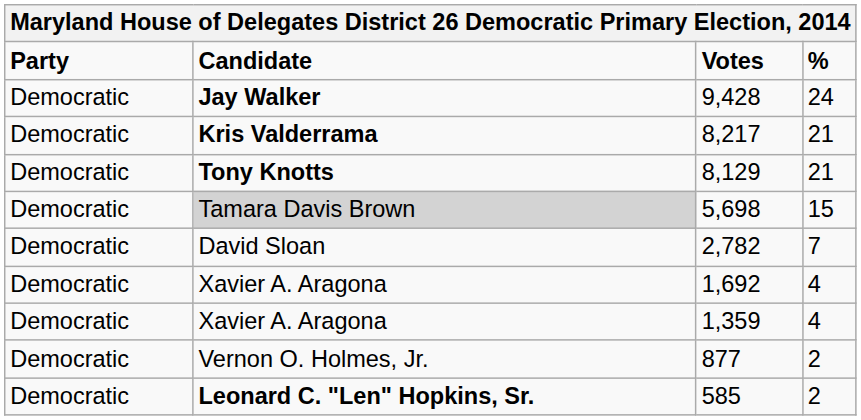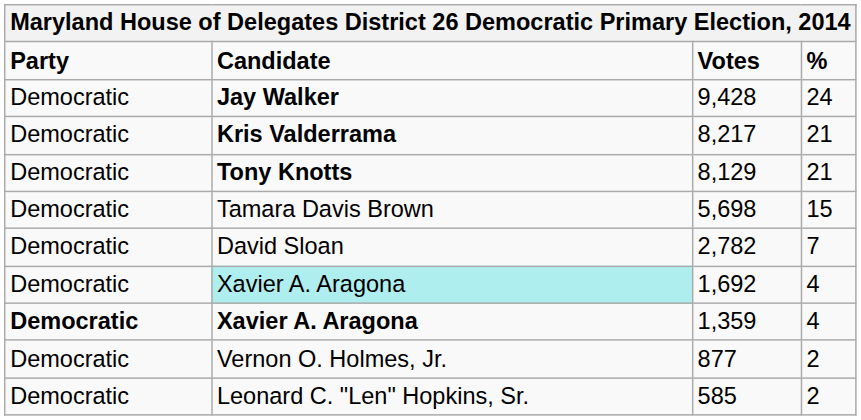 <table class="wikitable">
 <tr>
 <th colspan="4">Maryland House of Delegates District 26 Democratic Primary Election, 2014</th>
 </tr>
 <tr>
 <td><strong>Party</strong></td>
 <td><strong>Candidate</strong></td>
 <td><strong>Votes</strong></td>
 <td><strong>%</strong></td>
 </tr>
 <tr>
 <td>Democratic</td>
 <td><strong>Jay Walker</strong></td>
 <td>9,428</td>
 <td>24</td>
 </tr>
 <tr>
 <td>Democratic</td>
 <td><strong>Kris Valderrama</strong></td>
 <td>8,217</td>
 <td>21</td>
 </tr>
 <tr>
 <td>Democratic</td>
 <td><strong>Tony Knotts</strong></td>
 <td>8,129</td>
 <td>21</td>
 </tr>
 <tr>
 <td>Democratic</td>
-<td style="background: lightgrey;">Tamara Davis Brown</td>
+<td>Tamara Davis Brown</td>
 <td>5,698</td>
 <td>15</td>
 </tr>
 <tr>
 <td>Democratic</td>
 <td>David Sloan</td>
 <td>2,782</td>
 <td>7</td>
 </tr>
 <tr>
 <td>Democratic</td>
-<td>Xavier A. Aragona</td>
+<td style="background: paleturquoise;">Xavier A. Aragona</td>
 <td>1,692</td>
 <td>4</td>
 </tr>
 <tr>
-<td>Democratic</td>
-<td>Xavier A. Aragona</td>
+<td><strong>Democratic</strong></td>
+<td><strong>Xavier A. Aragona</strong></td>
 <td>1,359</td>
 <td>4</td>
 </tr>
 <tr>
 <td>Democratic</td>
 <td>Vernon O. Holmes, Jr.</td>
 <td>877</td>
 <td>2</td>
 </tr>
 <tr>
 <td>Democratic</td>
-<td><strong>Leonard C. "Len" Hopkins, Sr.</strong></td>
+<td>Leonard C. "Len" Hopkins, Sr.</td>
 <td>585</td>
 <td>2</td>
 </tr>
 </table>
